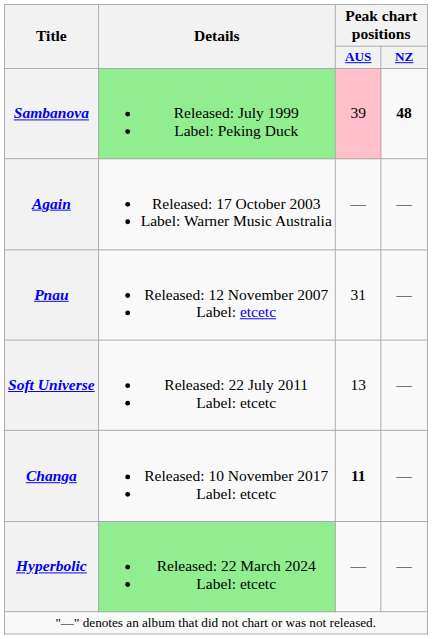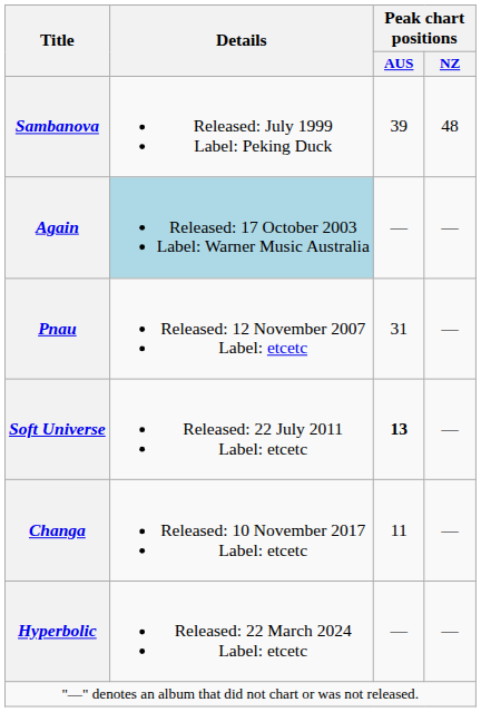 <table class="wikitable plainrowheaders" style="text-align:center;">
 <tr>
 <th scope="col" rowspan="2">Title</th>
 <th scope="col" rowspan="2">Details</th>
 <th scope="col" colspan="2">Peak chart positions</th>
 </tr>
 <tr>
 <th scope="col" style="width:3em;font-size:85%;"><a href='#'>AUS</a><br></th>
 <th scope="col" style="width:3em;font-size:85%;"><a href='#'>NZ</a><br></th>
 </tr>
 <tr>
 <th scope="row"><em><a href='#'>Sambanova</a></em></th>
-<td style="background: lightgreen;"><br><ul><li>Released: July 1999</li><li>Label: Peking Duck</li></ul></td>
-<td style="background: pink;">39</td>
-<td><strong>48</strong></td>
+<td><br><ul><li>Released: July 1999</li><li>Label: Peking Duck</li></ul></td>
+<td>39</td>
+<td>48</td>
 </tr>
 <tr>
 <th scope="row"><em><a href='#'>Again</a></em></th>
-<td><br><ul><li>Released: 17 October 2003</li><li>Label: Warner Music Australia</li></ul></td>
+<td style="background: lightblue;"><br><ul><li>Released: 17 October 2003</li><li>Label: Warner Music Australia</li></ul></td>
 <td>—</td>
 <td>—</td>
 </tr>
 <tr>
 <th scope="row"><em><a href='#'>Pnau</a></em></th>
 <td><br><ul><li>Released: 12 November 2007</li><li>Label: <a href='#'>etcetc</a></li></ul></td>
 <td>31</td>
 <td>—</td>
 </tr>
 <tr>
 <th scope="row"><em><a href='#'>Soft Universe</a></em></th>
 <td><br><ul><li>Released: 22 July 2011</li><li>Label: etcetc</li></ul></td>
-<td>13</td>
+<td><strong>13</strong></td>
 <td>—</td>
 </tr>
 <tr>
 <th scope="row"><em><a href='#'>Changa</a></em></th>
 <td><br><ul><li>Released: 10 November 2017</li><li>Label: etcetc</li></ul></td>
-<td><strong>11</strong></td>
+<td>11</td>
 <td>—</td>
 </tr>
 <tr>
 <th scope="row"><em><a href='#'>Hyperbolic</a></em></th>
-<td style="background: lightgreen;"><br><ul><li>Released: 22 March 2024</li><li>Label: etcetc</li></ul></td>
+<td><br><ul><li>Released: 22 March 2024</li><li>Label: etcetc</li></ul></td>
 <td>—</td>
 <td>—</td>
 </tr>
 <tr>
 <td colspan="18" style="font-size:85%">"—" denotes an album that did not chart or was not released.</td>
 </tr>
 </table>
